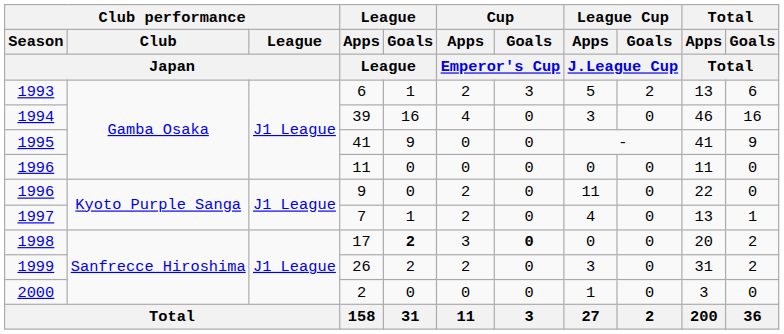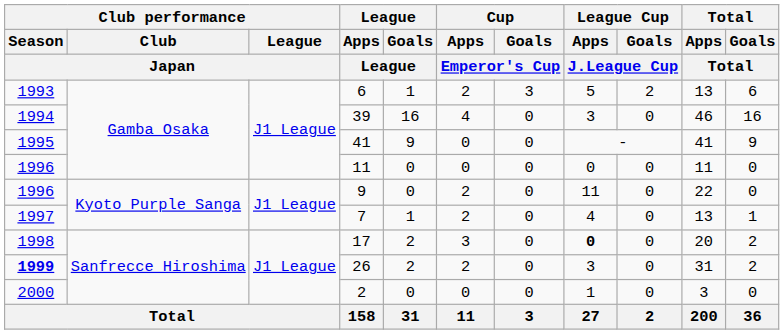 <table class="wikitable" style="text-align:center;">
 <tr>
 <th colspan=3>Club performance</th>
 <th colspan=2>League</th>
 <th colspan=2>Cup</th>
 <th colspan=2>League Cup</th>
 <th colspan=2>Total</th>
 </tr>
 <tr>
 <th>Season</th>
 <th>Club</th>
 <th>League</th>
 <th>Apps</th>
 <th>Goals</th>
 <th>Apps</th>
 <th>Goals</th>
 <th>Apps</th>
 <th>Goals</th>
 <th>Apps</th>
 <th>Goals</th>
 </tr>
 <tr>
 <th colspan=3>Japan</th>
 <th colspan=2>League</th>
 <th colspan=2><a href='#'>Emperor's Cup</a></th>
 <th colspan=2><a href='#'>J.League Cup</a></th>
 <th colspan=2>Total</th>
 </tr>
 <tr>
 <td><a href='#'>1993</a></td>
 <td rowspan="4"><a href='#'>Gamba Osaka</a></td>
 <td rowspan="4"><a href='#'>J1 League</a></td>
 <td>6</td>
 <td>1</td>
 <td>2</td>
 <td>3</td>
 <td>5</td>
 <td>2</td>
 <td>13</td>
 <td>6</td>
 </tr>
 <tr>
 <td><a href='#'>1994</a></td>
 <td>39</td>
 <td>16</td>
 <td>4</td>
 <td>0</td>
 <td>3</td>
 <td>0</td>
 <td>46</td>
 <td>16</td>
 </tr>
 <tr>
 <td><a href='#'>1995</a></td>
 <td>41</td>
 <td>9</td>
 <td>0</td>
 <td>0</td>
 <td colspan="2">-</td>
 <td>41</td>
 <td>9</td>
 </tr>
 <tr>
 <td><a href='#'>1996</a></td>
 <td>11</td>
 <td>0</td>
 <td>0</td>
 <td>0</td>
 <td>0</td>
 <td>0</td>
 <td>11</td>
 <td>0</td>
 </tr>
 <tr>
 <td><a href='#'>1996</a></td>
 <td rowspan="2"><a href='#'>Kyoto Purple Sanga</a></td>
 <td rowspan="2"><a href='#'>J1 League</a></td>
 <td>9</td>
 <td>0</td>
 <td>2</td>
 <td>0</td>
 <td>11</td>
 <td>0</td>
 <td>22</td>
 <td>0</td>
 </tr>
 <tr>
 <td><a href='#'>1997</a></td>
 <td>7</td>
 <td>1</td>
 <td>2</td>
 <td>0</td>
 <td>4</td>
 <td>0</td>
 <td>13</td>
 <td>1</td>
 </tr>
 <tr>
 <td><a href='#'>1998</a></td>
 <td rowspan="3"><a href='#'>Sanfrecce Hiroshima</a></td>
 <td rowspan="3"><a href='#'>J1 League</a></td>
 <td>17</td>
-<td><strong>2</strong></td>
+<td>2</td>
 <td>3</td>
+<td>0</td>
 <td><strong>0</strong></td>
-<td>0</td>
 <td>0</td>
 <td>20</td>
 <td>2</td>
 </tr>
 <tr>
-<td><a href='#'>1999</a></td>
+<td><strong><a href='#'>1999</a></strong></td>
 <td>26</td>
 <td>2</td>
 <td>2</td>
 <td>0</td>
 <td>3</td>
 <td>0</td>
 <td>31</td>
 <td>2</td>
 </tr>
 <tr>
 <td><a href='#'>2000</a></td>
 <td>2</td>
 <td>0</td>
 <td>0</td>
 <td>0</td>
 <td>1</td>
 <td>0</td>
 <td>3</td>
 <td>0</td>
 </tr>
 <tr>
 <th colspan=3>Total</th>
 <th>158</th>
 <th>31</th>
 <th>11</th>
 <th>3</th>
 <th>27</th>
 <th>2</th>
 <th>200</th>
 <th>36</th>
 </tr>
 </table>
